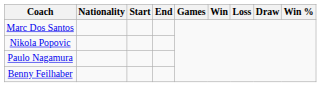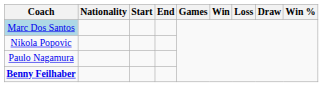 <table class="wikitable" style="text-align:center; margin-left: lem;">
 <tr>
 <th>Coach</th>
 <th>Nationality</th>
 <th>Start</th>
 <th>End</th>
 <th>Games</th>
 <th><strong>Win</strong></th>
 <th>Loss</th>
 <th>Draw</th>
 <th>Win %</th>
 </tr>
 <tr>
-<td><a href='#'>Marc Dos Santos</a></td>
+<td style="background: lightblue;"><a href='#'>Marc Dos Santos</a></td>
 <td></td>
 <td></td>
 <td><br></td>
 </tr>
 <tr>
 <td><a href='#'>Nikola Popovic</a></td>
 <td></td>
 <td></td>
 <td><br></td>
 </tr>
 <tr>
 <td><a href='#'>Paulo Nagamura</a></td>
 <td></td>
 <td></td>
 <td><br></td>
 </tr>
 <tr>
-<td><a href='#'>Benny Feilhaber</a></td>
+<td><strong><a href='#'>Benny Feilhaber</a></strong></td>
 <td></td>
 <td></td>
 <td><br></td>
 </tr>
 </table>
